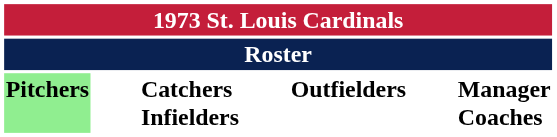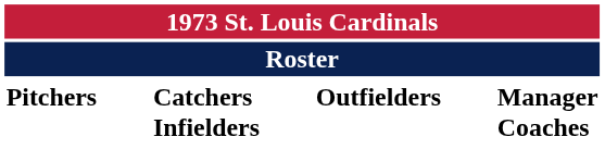 <table class="toccolours" style="font-size: 95%;">
 <tr>
 <th colspan="10" style="background-color: #c41e3a; color: white; text-align: center;">1973 St. Louis Cardinals</th>
 </tr>
 <tr>
 <td colspan="10" style="background-color: #0a2252; color: white; text-align: center;"><strong>Roster</strong></td>
 </tr>
 <tr>
-<td valign="top" style="background: lightgreen;"><strong>Pitchers</strong><br>                  </td>
+<td valign="top"><strong>Pitchers</strong><br>                  </td>
 <td width="25px"></td>
 <td valign="top"><strong>Catchers</strong><br>   <strong>Infielders</strong>              </td>
 <td width="25px"></td>
 <td valign="top"><strong>Outfielders</strong><br>         </td>
 <td width="25px"></td>
 <td valign="top"><strong>Manager</strong><br> <strong>Coaches</strong>    </td>
 </tr>
 </table>
